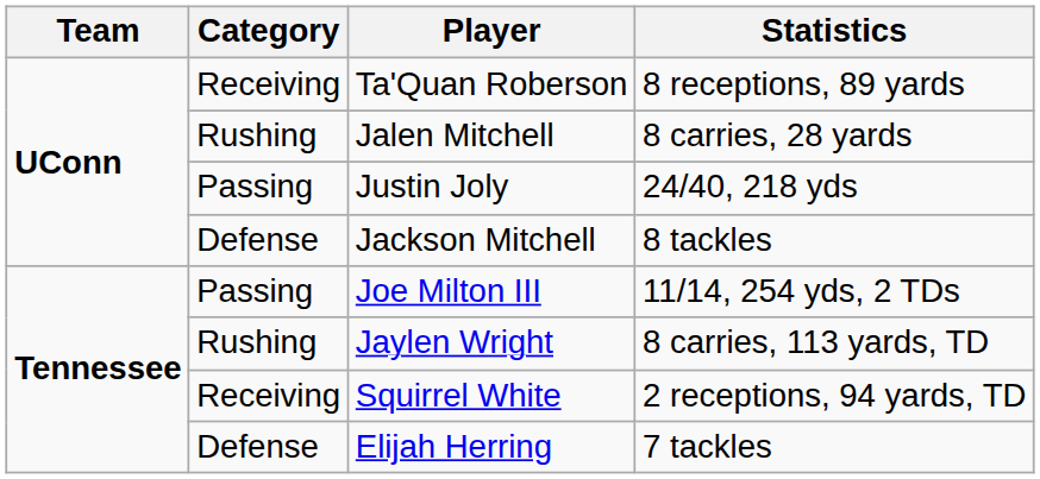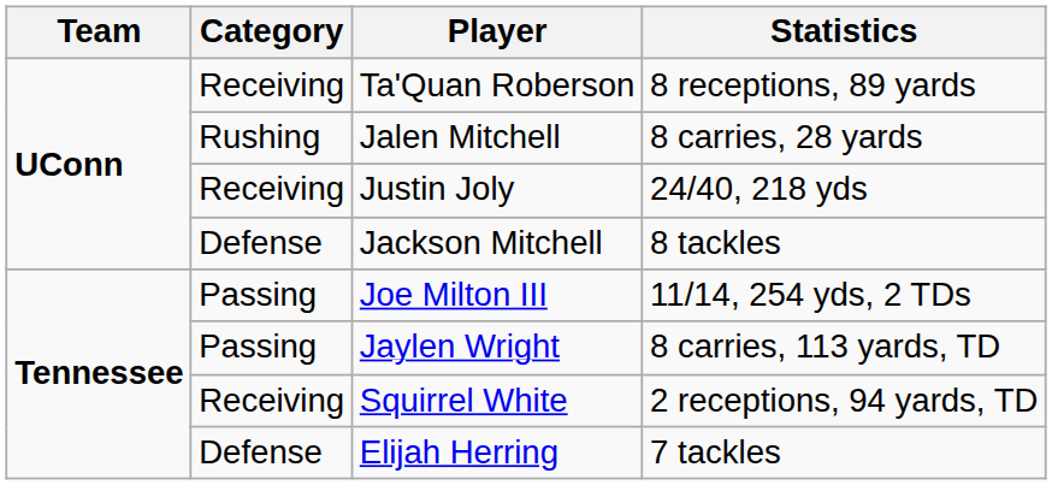 <table class="wikitable" style="float: right;">
 <tr>
 <th>Team</th>
 <th>Category</th>
 <th>Player</th>
 <th>Statistics</th>
 </tr>
 <tr>
 <td rowspan=4><strong>UConn</strong></td>
 <td>Receiving</td>
 <td>Ta'Quan Roberson</td>
 <td>8 receptions, 89 yards</td>
 </tr>
 <tr>
 <td>Rushing</td>
 <td>Jalen Mitchell</td>
 <td>8 carries, 28 yards</td>
 </tr>
 <tr>
-<td>Passing</td>
+<td>Receiving</td>
 <td>Justin Joly</td>
 <td>24/40, 218 yds</td>
 </tr>
 <tr>
 <td>Defense</td>
 <td>Jackson Mitchell</td>
 <td>8 tackles</td>
 </tr>
 <tr>
 <td rowspan=4><strong>Tennessee</strong></td>
 <td>Passing</td>
 <td><a href='#'>Joe Milton III</a></td>
 <td>11/14, 254 yds, 2 TDs</td>
 </tr>
 <tr>
-<td>Rushing</td>
+<td>Passing</td>
 <td><a href='#'>Jaylen Wright</a></td>
 <td>8 carries, 113 yards, TD</td>
 </tr>
 <tr>
 <td>Receiving</td>
 <td><a href='#'>Squirrel White</a></td>
 <td>2 receptions, 94 yards, TD</td>
 </tr>
 <tr>
 <td>Defense</td>
 <td><a href='#'>Elijah Herring</a></td>
 <td>7 tackles</td>
 </tr>
 </table>
